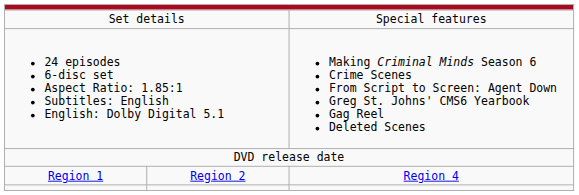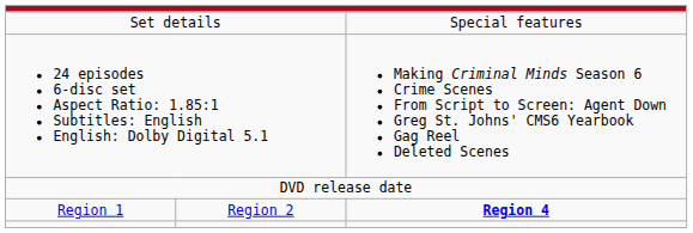 <table class="wikitable" style="font-size: 95%;">
 <tr style="background:#AC091E">
 <td colspan="4" style="text-align:center;"></td>
 </tr>
 <tr style="text-align:center;">
 <td style="width:300px;" colspan="2">Set details</td>
 <td style="width:300px;" colspan="2">Special features</td>
 </tr>
 <tr valign="top">
 <td colspan="2"  style="text-align:left; width:300px;"><br><ul><li>24 episodes</li><li>6-disc set</li><li>Aspect Ratio: 1.85:1</li><li>Subtitles: English</li><li>English: Dolby Digital 5.1</li></ul></td>
 <td colspan="3" style="text-align:left; width:300px;"><br><ul><li>Making <em>Criminal Minds</em> Season 6</li><li>Crime Scenes</li><li>From Script to Screen: Agent Down</li><li>Greg St. Johns' CMS6 Yearbook</li><li>Gag Reel</li><li>Deleted Scenes</li></ul></td>
 </tr>
 <tr>
 <td colspan="3" style="text-align:center;">DVD release date</td>
 </tr>
 <tr style="text-align:center;">
 <td><a href='#'>Region 1</a></td>
 <td><a href='#'>Region 2</a></td>
-<td><a href='#'>Region 4</a></td>
+<td><strong><a href='#'>Region 4</a></strong></td>
 </tr>
 <tr style="text-align:center;">
 <td></td>
 <td></td>
 <td></td>
 </tr>
 </table>
